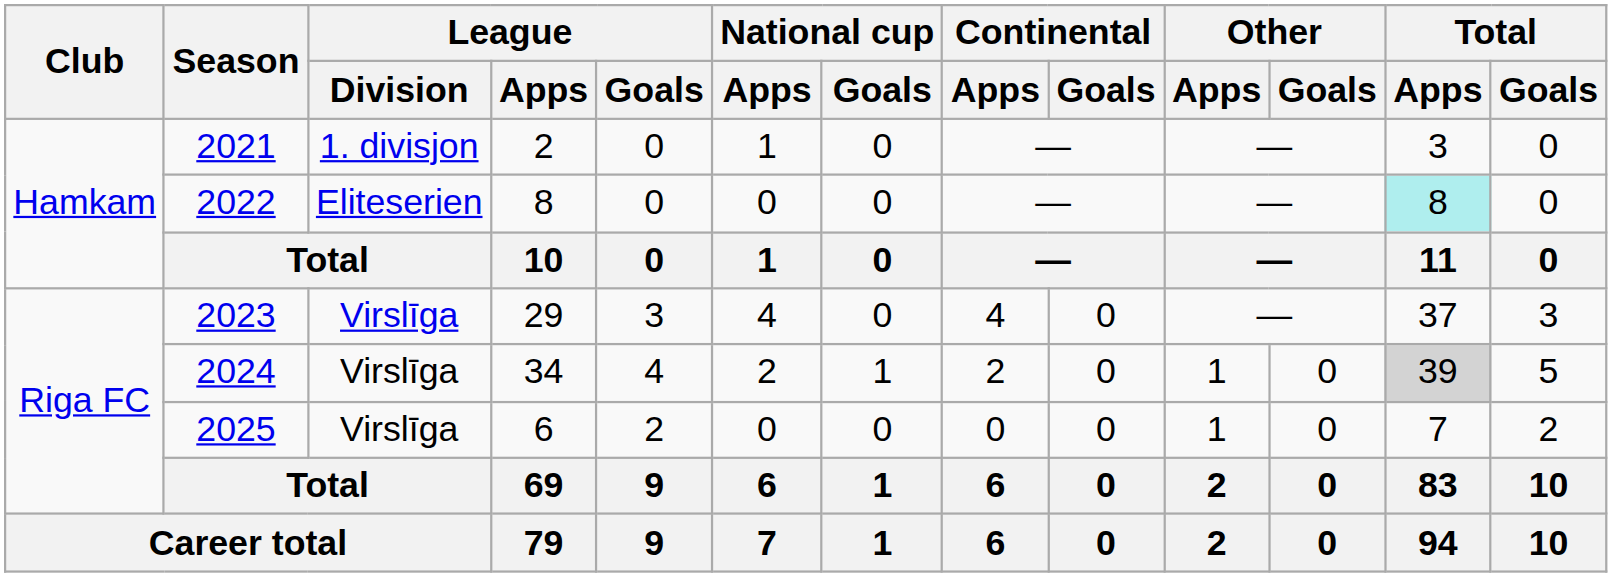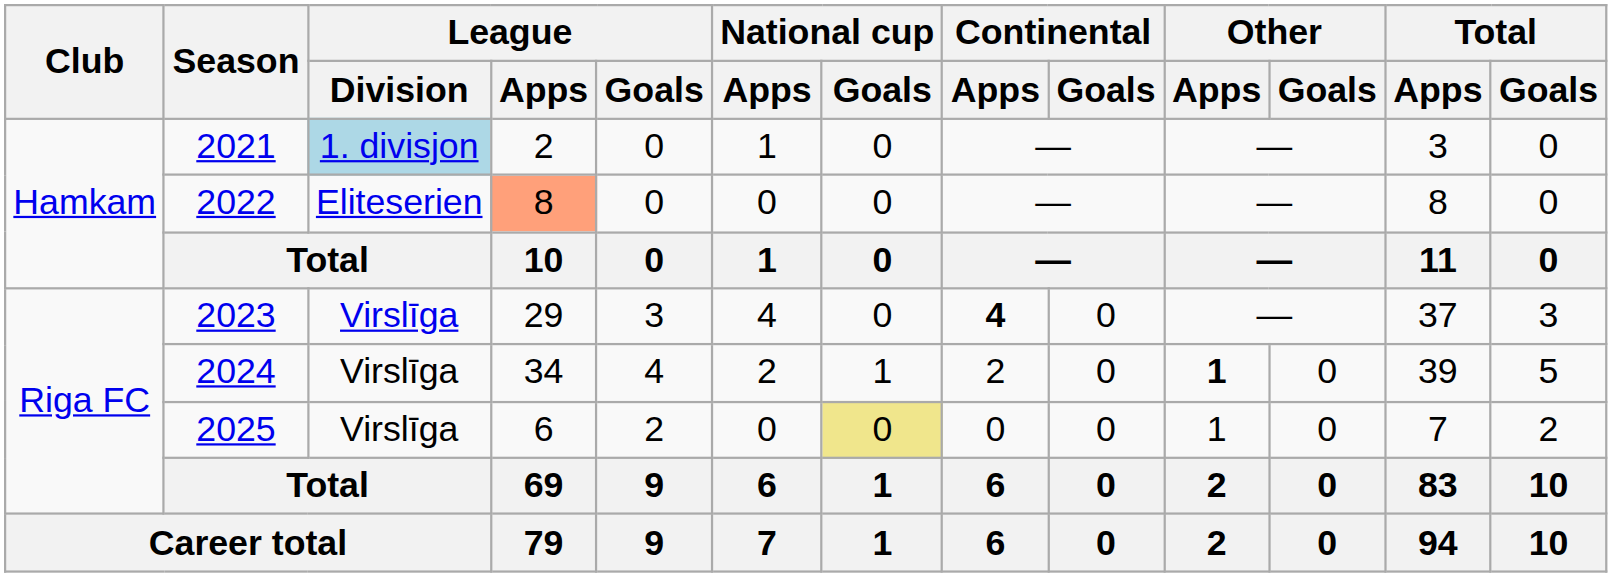 <table class="wikitable" style="text-align:center">
 <tr>
 <th rowspan="2">Club</th>
 <th rowspan="2">Season</th>
 <th colspan="3">League</th>
 <th colspan="2">National cup</th>
 <th colspan="2">Continental</th>
 <th colspan="2">Other</th>
 <th colspan="2">Total</th>
 </tr>
 <tr>
 <th>Division</th>
 <th>Apps</th>
 <th>Goals</th>
 <th>Apps</th>
 <th>Goals</th>
 <th>Apps</th>
 <th>Goals</th>
 <th>Apps</th>
 <th>Goals</th>
 <th>Apps</th>
 <th>Goals</th>
 </tr>
 <tr>
 <td rowspan="3"><a href='#'>Hamkam</a></td>
 <td><a href='#'>2021</a></td>
-<td><a href='#'>1. divisjon</a></td>
+<td style="background: lightblue;"><a href='#'>1. divisjon</a></td>
 <td>2</td>
 <td>0</td>
 <td>1</td>
 <td>0</td>
 <td colspan="2">—</td>
 <td colspan="2">—</td>
 <td>3</td>
 <td>0</td>
 </tr>
 <tr>
 <td><a href='#'>2022</a></td>
 <td><a href='#'>Eliteserien</a></td>
-<td>8</td>
+<td style="background: lightsalmon;">8</td>
 <td>0</td>
 <td>0</td>
 <td>0</td>
 <td colspan="2">—</td>
 <td colspan="2">—</td>
-<td style="background: paleturquoise;">8</td>
+<td>8</td>
 <td>0</td>
 </tr>
 <tr>
 <th colspan="2">Total</th>
 <th>10</th>
 <th>0</th>
 <th>1</th>
 <th>0</th>
 <th colspan="2">—</th>
 <th colspan="2">—</th>
 <th>11</th>
 <th>0</th>
 </tr>
 <tr>
 <td rowspan="4"><a href='#'>Riga FC</a></td>
 <td><a href='#'>2023</a></td>
 <td><a href='#'>Virslīga</a></td>
 <td>29</td>
 <td>3</td>
 <td>4</td>
 <td>0</td>
-<td>4</td>
+<td><strong>4</strong></td>
 <td>0</td>
 <td colspan="2">—</td>
 <td>37</td>
 <td>3</td>
 </tr>
 <tr>
 <td><a href='#'>2024</a></td>
 <td>Virslīga</td>
 <td>34</td>
 <td>4</td>
 <td>2</td>
 <td>1</td>
 <td>2</td>
 <td>0</td>
-<td>1</td>
+<td><strong>1</strong></td>
 <td>0</td>
-<td style="background: lightgrey;">39</td>
+<td>39</td>
 <td>5</td>
 </tr>
 <tr>
 <td><a href='#'>2025</a></td>
 <td>Virslīga</td>
 <td>6</td>
 <td>2</td>
 <td>0</td>
-<td>0</td>
+<td style="background: khaki;">0</td>
 <td>0</td>
 <td>0</td>
 <td>1</td>
 <td>0</td>
 <td>7</td>
 <td>2</td>
 </tr>
 <tr>
 <th colspan="2">Total</th>
 <th>69</th>
 <th>9</th>
 <th>6</th>
 <th>1</th>
 <th>6</th>
 <th>0</th>
 <th>2</th>
 <th>0</th>
 <th>83</th>
 <th>10</th>
 </tr>
 <tr>
 <th colspan="3">Career total</th>
 <th>79</th>
 <th>9</th>
 <th>7</th>
 <th>1</th>
 <th>6</th>
 <th>0</th>
 <th>2</th>
 <th>0</th>
 <th>94</th>
 <th>10</th>
 </tr>
 </table>
